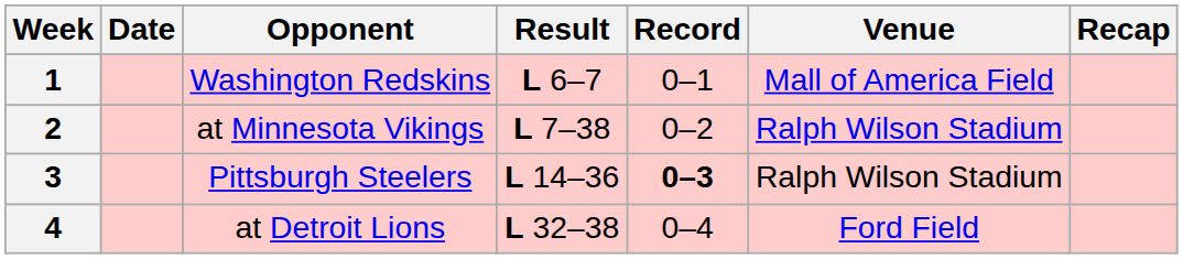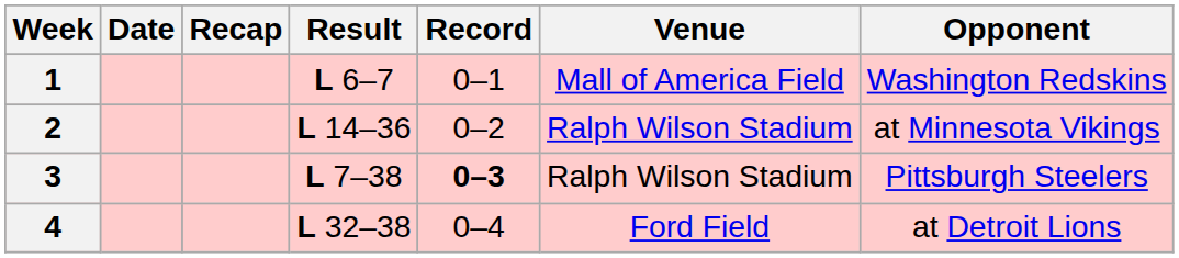 <table class="wikitable" style="text-align:center">
 <tr>
 <th>Week</th>
 <th>Date</th>
-<th>Opponent</th>
+<th>Recap</th>
 <th>Result</th>
 <th>Record</th>
 <th>Venue</th>
-<th>Recap</th>
+<th>Opponent</th>
 </tr>
 <tr style="background:#fcc">
 <th>1</th>
 <td></td>
-<td><a href='#'>Washington Redskins</a></td>
+<td></td>
 <td><strong>L</strong> 6–7</td>
 <td>0–1</td>
 <td><a href='#'>Mall of America Field</a></td>
-<td></td>
+<td><a href='#'>Washington Redskins</a></td>
 </tr>
 <tr style="background:#fcc">
 <th>2</th>
 <td></td>
-<td>at <a href='#'>Minnesota Vikings</a></td>
-<td><strong>L</strong> 7–38</td>
+<td></td>
+<td><strong>L</strong> 14–36</td>
 <td>0–2</td>
 <td><a href='#'>Ralph Wilson Stadium</a></td>
-<td></td>
+<td>at <a href='#'>Minnesota Vikings</a></td>
 </tr>
 <tr style="background:#fcc">
 <th>3</th>
 <td></td>
-<td><a href='#'>Pittsburgh Steelers</a></td>
-<td><strong>L</strong> 14–36</td>
+<td></td>
+<td><strong>L</strong> 7–38</td>
 <td><strong>0–3</strong></td>
 <td>Ralph Wilson Stadium</td>
-<td></td>
+<td><a href='#'>Pittsburgh Steelers</a></td>
 </tr>
 <tr style="background:#fcc">
 <th>4</th>
 <td></td>
-<td>at <a href='#'>Detroit Lions</a></td>
+<td></td>
 <td><strong>L</strong> 32–38</td>
 <td>0–4</td>
 <td><a href='#'>Ford Field</a></td>
-<td></td>
+<td>at <a href='#'>Detroit Lions</a></td>
 </tr>
 </table>
